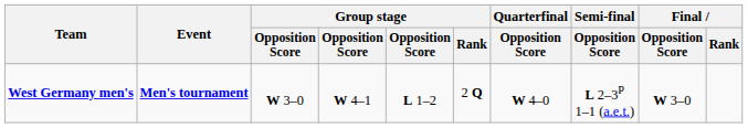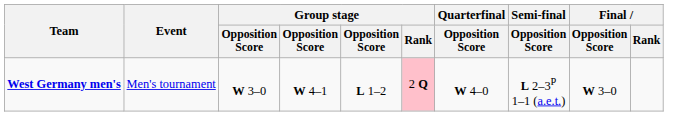 <table class="wikitable" style="font-size:90%">
 <tr>
 <th rowspan=2>Team</th>
 <th rowspan=2>Event</th>
 <th colspan=4>Group stage</th>
 <th>Quarterfinal</th>
 <th>Semi-final</th>
 <th colspan=2>Final / </th>
 </tr>
 <tr style="font-size:95%">
 <th>Opposition<br>Score</th>
 <th>Opposition<br>Score</th>
 <th>Opposition<br>Score</th>
 <th>Rank</th>
 <th>Opposition<br>Score</th>
 <th>Opposition<br>Score</th>
 <th>Opposition<br>Score</th>
 <th>Rank</th>
 </tr>
 <tr align=center>
 <td align=left><strong><a href='#'>West Germany men's</a></strong></td>
-<td align=left><strong><a href='#'>Men's tournament</a></strong></td>
+<td align=left><a href='#'>Men's tournament</a></td>
 <td><br><strong>W</strong> 3–0</td>
 <td><br><strong>W</strong> 4–1</td>
 <td><br><strong>L</strong> 1–2</td>
-<td>2 <strong>Q</strong></td>
+<td style="background: pink;">2 <strong>Q</strong></td>
 <td><br><strong>W</strong> 4–0</td>
 <td><br><strong>L</strong> 2–3<sup>P</sup><br>1–1 (<a href='#'>a.e.t.</a>)</td>
 <td><br><strong>W</strong> 3–0</td>
 <td></td>
 </tr>
 </table>
